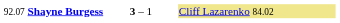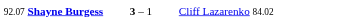 <table style="text-align:center">
 <tr>
 <th width=223></th>
 <th width=100></th>
 <th width=223></th>
 </tr>
 <tr>
 <td align=right><small>92.07</small> <strong><a href='#'>Shayne Burgess</a></strong> </td>
 <td><strong>3</strong> – 1</td>
-<td align=left style="background: khaki;"> <a href='#'>Cliff Lazarenko</a> <small>84.02</small></td>
+<td align=left> <a href='#'>Cliff Lazarenko</a> <small>84.02</small></td>
 </tr>
 </table>
